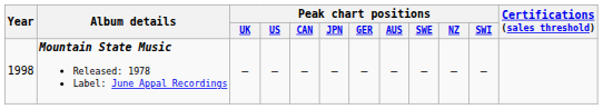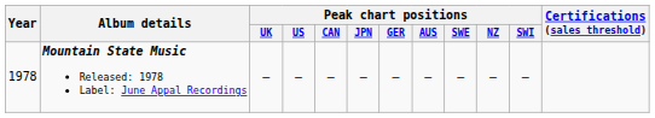 <table class="wikitable" style="text-align:center;">
 <tr>
 <th rowspan="2">Year</th>
 <th rowspan="2">Album details</th>
 <th colspan="9">Peak chart positions</th>
 <th rowspan="2"><a href='#'>Certifications</a><br><small>(<a href='#'>sales threshold</a>)</small></th>
 </tr>
 <tr style="font-size:smaller;">
 <th width="30"><a href='#'>UK</a></th>
 <th width="30"><a href='#'>US</a></th>
 <th width="30"><a href='#'>CAN</a></th>
 <th width="30"><a href='#'>JPN</a></th>
 <th width="30"><a href='#'>GER</a></th>
 <th width="30"><a href='#'>AUS</a></th>
 <th width="30"><a href='#'>SWE</a></th>
 <th width="30"><a href='#'>NZ</a></th>
 <th width="30"><a href='#'>SWI</a></th>
 </tr>
 <tr>
-<td>1998</td>
+<td>1978</td>
 <td align="left"><strong><em>Mountain State Music</em></strong><br><ul><li><small>Released: 1978</small></li><li><small>Label: <a href='#'>June Appal Recordings</a></small></li></ul></td>
 <td>—</td>
 <td>—</td>
 <td>—</td>
 <td>—</td>
 <td>—</td>
 <td>—</td>
 <td>—</td>
 <td>—</td>
 <td>—</td>
 <td></td>
 </tr>
 </table>
